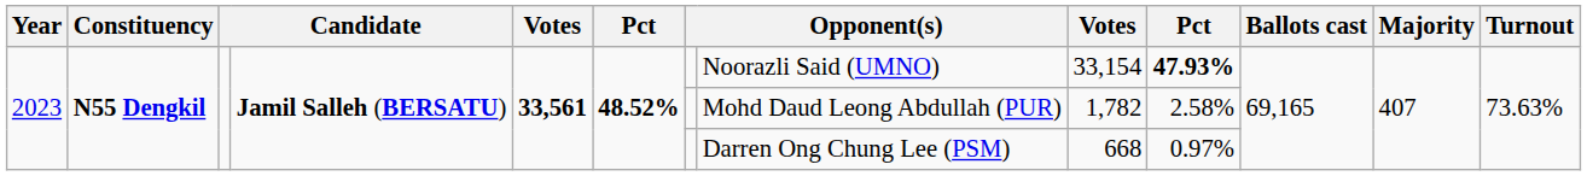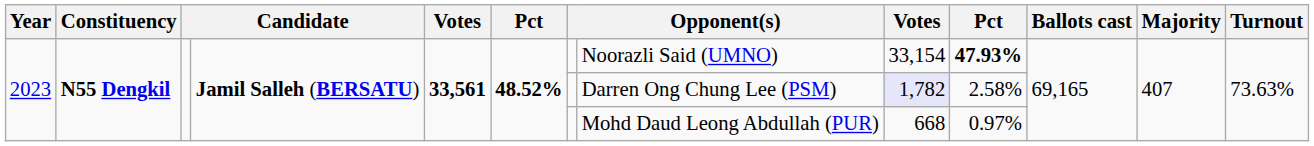 <table class="wikitable" style="margin:0.5em ; font-size:95%">
 <tr>
 <th>Year</th>
 <th>Constituency</th>
 <th colspan=2>Candidate</th>
 <th>Votes</th>
 <th>Pct</th>
 <th colspan=2>Opponent(s)</th>
 <th>Votes</th>
 <th>Pct</th>
 <th>Ballots cast</th>
 <th>Majority</th>
 <th>Turnout</th>
 </tr>
 <tr>
 <td rowspan=3><a href='#'>2023</a></td>
 <td rowspan=3><strong>N55 <a href='#'>Dengkil</a></strong></td>
 <td rowspan=3></td>
 <td rowspan=3><strong>Jamil Salleh</strong> (<a href='#'><strong>BERSATU</strong></a>)</td>
 <td rowspan=3 align=right><strong>33,561</strong></td>
 <td rowspan=3><strong>48.52%</strong></td>
 <td></td>
 <td>Noorazli Said (<a href='#'>UMNO</a>)</td>
 <td align=right>33,154</td>
 <td><strong>47.93%</strong></td>
 <td rowspan=3>69,165</td>
 <td rowspan=3>407</td>
 <td rowspan=3>73.63%</td>
 </tr>
 <tr>
 <td bgcolor=></td>
-<td>Mohd Daud Leong Abdullah (<a href='#'>PUR</a>)</td>
-<td align=right>1,782</td>
+<td>Darren Ong Chung Lee (<a href='#'>PSM</a>)</td>
+<td align=right style="background: lavender;">1,782</td>
 <td align=right>2.58%</td>
 </tr>
 <tr>
 <td></td>
-<td>Darren Ong Chung Lee (<a href='#'>PSM</a>)</td>
+<td>Mohd Daud Leong Abdullah (<a href='#'>PUR</a>)</td>
 <td align=right>668</td>
 <td align=right>0.97%</td>
 </tr>
 </table>
